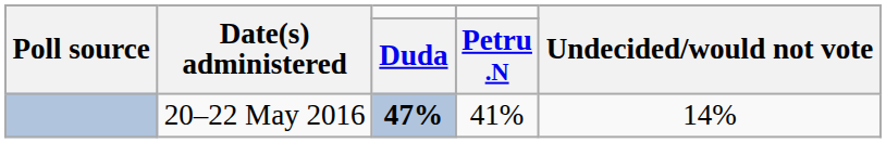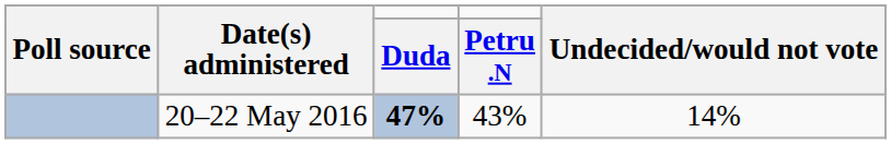 <table class="wikitable" style="text-align:center;font-size:85%;line-height:14px;">
 <tr>
 <th rowspan="2">Poll source</th>
 <th rowspan="2">Date(s)<br>administered</th>
 <td></td>
 <td></td>
 <th rowspan="2">Undecided/would not vote</th>
 </tr>
 <tr>
 <th><a href='#'>Duda</a><br></th>
 <th><a href='#'>Petru</a><br><small><a href='#'>.N</a></small></th>
 </tr>
 <tr>
 <td style="background:lightsteelblue;"></td>
 <td>20–22 May 2016</td>
 <td style="background:lightsteelblue;"><strong>47%</strong></td>
-<td>41%</td>
+<td>43%</td>
 <td>14%</td>
 </tr>
 </table>
